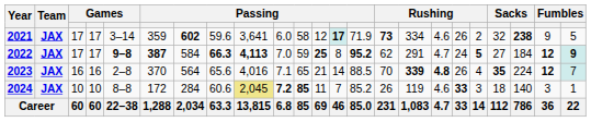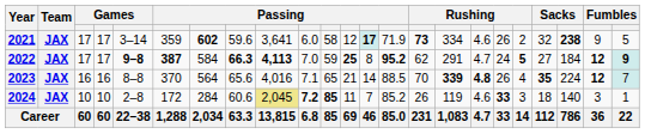 <table class="wikitable" style="text-align:center;">
 <tr>
 <th rowspan="2">Year</th>
 <th rowspan="2">Team</th>
 <th colspan="3">Games</th>
 <th colspan="9">Passing</th>
 <th colspan="5">Rushing</th>
 <th colspan="2">Sacks</th>
 <th colspan="2">Fumbles</th>
 </tr>
 <tr>
 <th></th>
 <th></th>
 <th></th>
 <th></th>
 <th></th>
 <th></th>
 <th></th>
 <th></th>
 <th></th>
 <th></th>
 <th></th>
 <th></th>
 <th></th>
 <th></th>
 <th></th>
 <th></th>
 <th></th>
 <th></th>
 <th></th>
 <th></th>
 <th></th>
 </tr>
 <tr>
 <th><a href='#'>2021</a></th>
 <th><a href='#'>JAX</a></th>
 <td>17</td>
 <td>17</td>
 <td>3–14</td>
 <td>359</td>
 <td><strong>602</strong></td>
 <td>59.6</td>
 <td>3,641</td>
 <td>6.0</td>
 <td>58</td>
 <td>12</td>
 <td style="background:#cfecec;"><strong>17</strong></td>
 <td>71.9</td>
 <td><strong>73</strong></td>
 <td>334</td>
 <td>4.6</td>
 <td>26</td>
 <td>2</td>
 <td>32</td>
 <td><strong>238</strong></td>
 <td>9</td>
 <td>5</td>
 </tr>
 <tr>
 <th><a href='#'>2022</a></th>
 <th><a href='#'>JAX</a></th>
 <td>17</td>
 <td>17</td>
 <td><strong>9–8</strong></td>
 <td><strong>387</strong></td>
 <td>584</td>
 <td><strong>66.3</strong></td>
 <td><strong>4,113</strong></td>
 <td>7.0</td>
 <td>59</td>
 <td><strong>25</strong></td>
 <td>8</td>
 <td><strong>95.2</strong></td>
 <td>62</td>
 <td>291</td>
 <td>4.7</td>
 <td>24</td>
 <td><strong>5</strong></td>
 <td>27</td>
 <td>184</td>
 <td><strong>12</strong></td>
 <td style="background:#cfecec;"><strong>9</strong></td>
 </tr>
 <tr>
 <th><a href='#'>2023</a></th>
 <th><a href='#'>JAX</a></th>
 <td>16</td>
 <td>16</td>
-<td>2–8</td>
+<td>8–8</td>
 <td>370</td>
 <td>564</td>
 <td>65.6</td>
 <td>4,016</td>
 <td>7.1</td>
 <td>65</td>
 <td>21</td>
 <td>14</td>
 <td>88.5</td>
 <td>70</td>
 <td><strong>339</strong></td>
 <td><strong>4.8</strong></td>
 <td>26</td>
 <td>4</td>
 <td><strong>35</strong></td>
 <td>224</td>
 <td><strong>12</strong></td>
 <td style="background:#cfecec;">7</td>
 </tr>
 <tr>
 <th><a href='#'>2024</a></th>
 <th><a href='#'>JAX</a></th>
 <td>10</td>
 <td>10</td>
-<td>8–8</td>
+<td>2–8</td>
 <td>172</td>
 <td>284</td>
 <td>60.6</td>
 <td style="background: khaki;">2,045</td>
 <td><strong>7.2</strong></td>
 <td><strong>85</strong></td>
 <td>11</td>
 <td>7</td>
 <td>85.2</td>
 <td>26</td>
 <td>119</td>
 <td>4.6</td>
 <td><strong>33</strong></td>
 <td>3</td>
 <td>18</td>
 <td>140</td>
 <td>3</td>
 <td>1</td>
 </tr>
 <tr>
 <th colspan="2">Career</th>
 <th>60</th>
 <th>60</th>
 <th>22–38</th>
 <th>1,288</th>
 <th>2,034</th>
 <th>63.3</th>
 <th>13,815</th>
 <th>6.8</th>
 <th>85</th>
 <th>69</th>
 <th>46</th>
 <th>85.0</th>
 <th>231</th>
 <th>1,083</th>
 <th>4.7</th>
 <th>33</th>
 <th>14</th>
 <th>112</th>
 <th>786</th>
 <th>36</th>
 <th>22</th>
 </tr>
 </table>
